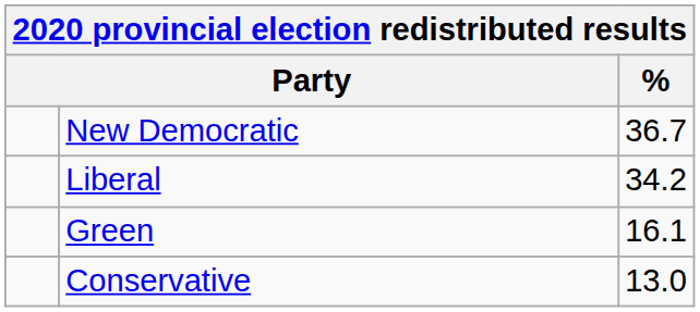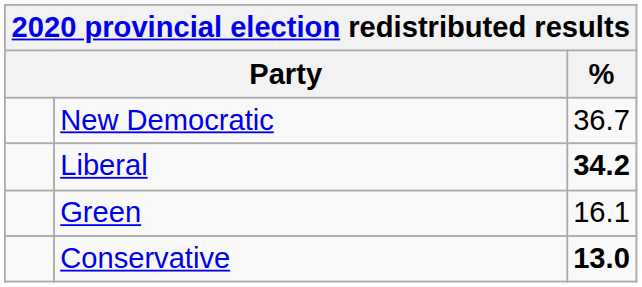 <table class="wikitable">
 <tr>
 <th colspan="4"><a href='#'>2020 provincial election</a> redistributed results</th>
 </tr>
 <tr>
 <th bgcolor="#DDDDFF" width="130px" colspan="2">Party</th>
 <th bgcolor="#DDDDFF" width="30px">%</th>
 </tr>
 <tr>
 <td> </td>
 <td><a href='#'>New Democratic</a></td>
 <td align=right>36.7</td>
 </tr>
 <tr>
 <td> </td>
 <td><a href='#'>Liberal</a></td>
-<td align=right>34.2</td>
+<td align=right><strong>34.2</strong></td>
 </tr>
 <tr>
 <td> </td>
 <td><a href='#'>Green</a></td>
 <td align=right>16.1</td>
 </tr>
 <tr>
 <td> </td>
 <td><a href='#'>Conservative</a></td>
-<td align=right>13.0</td>
+<td align=right><strong>13.0</strong></td>
 </tr>
 </table>
